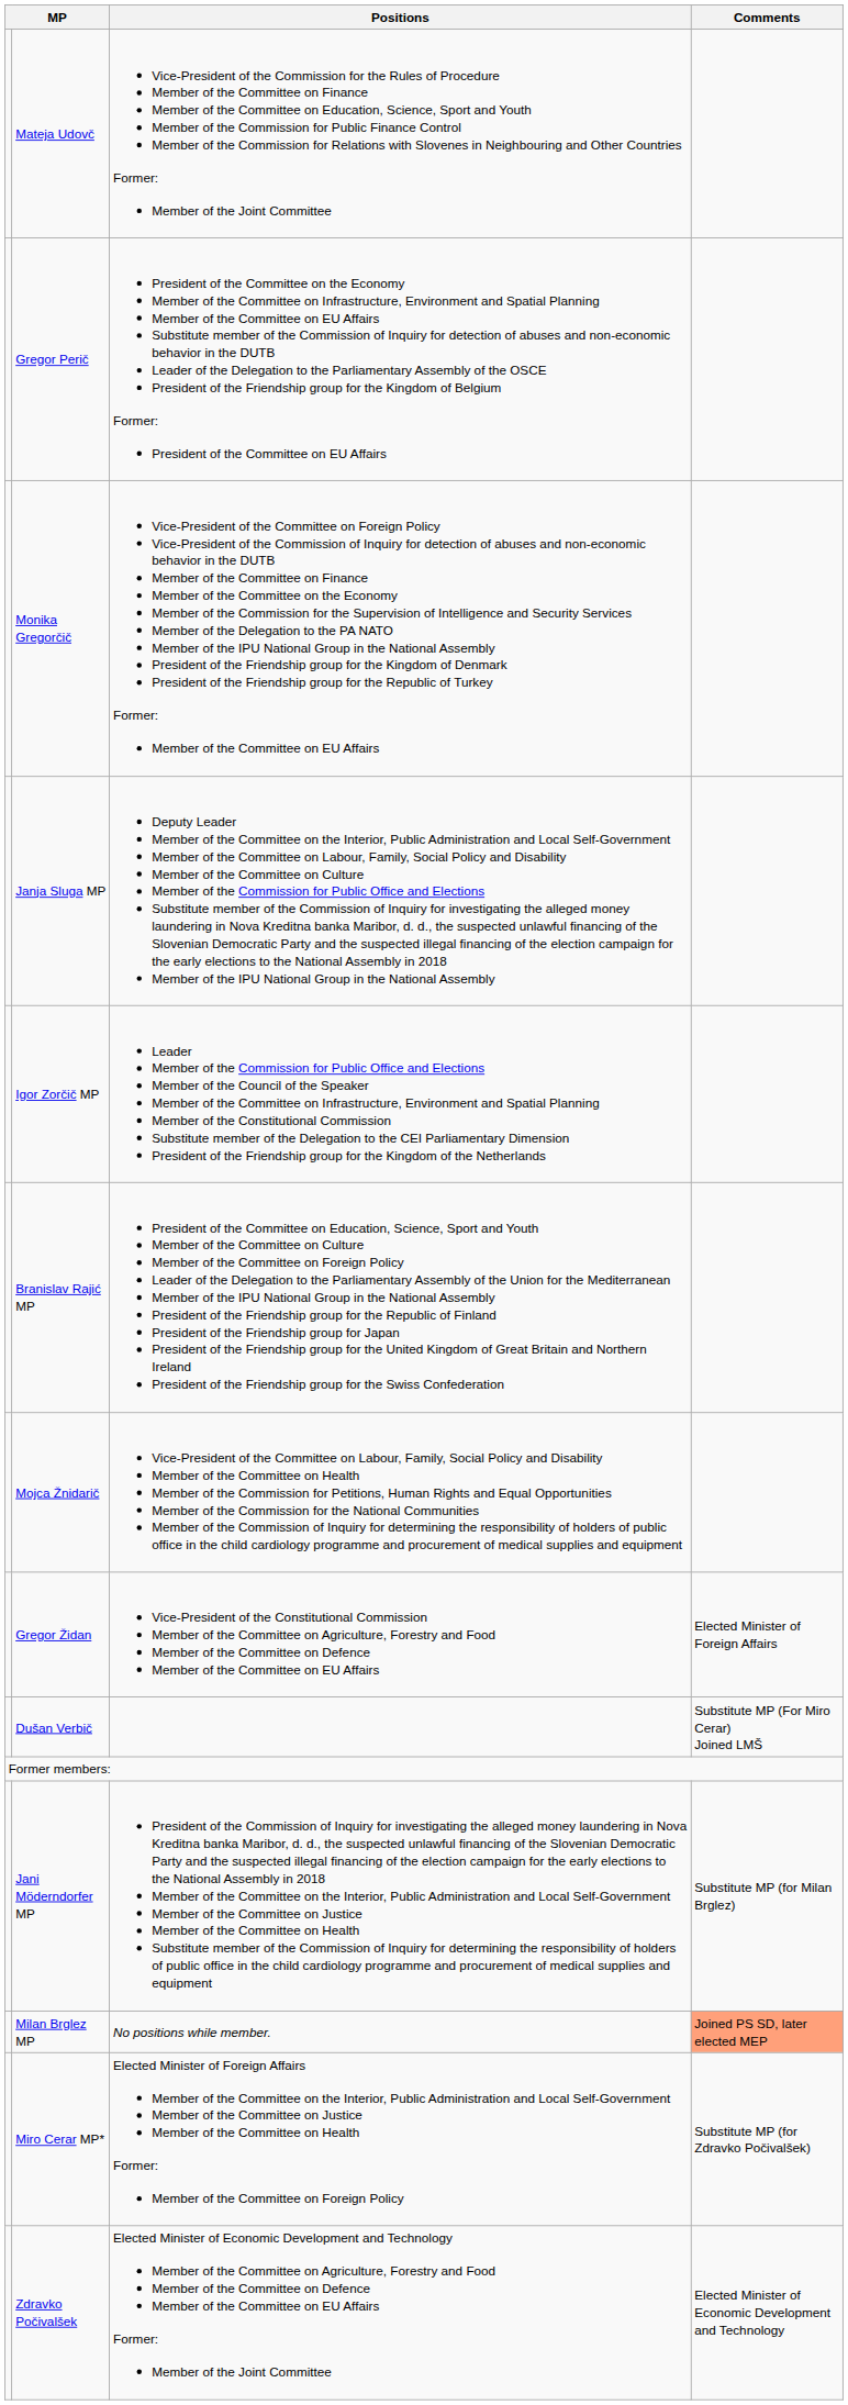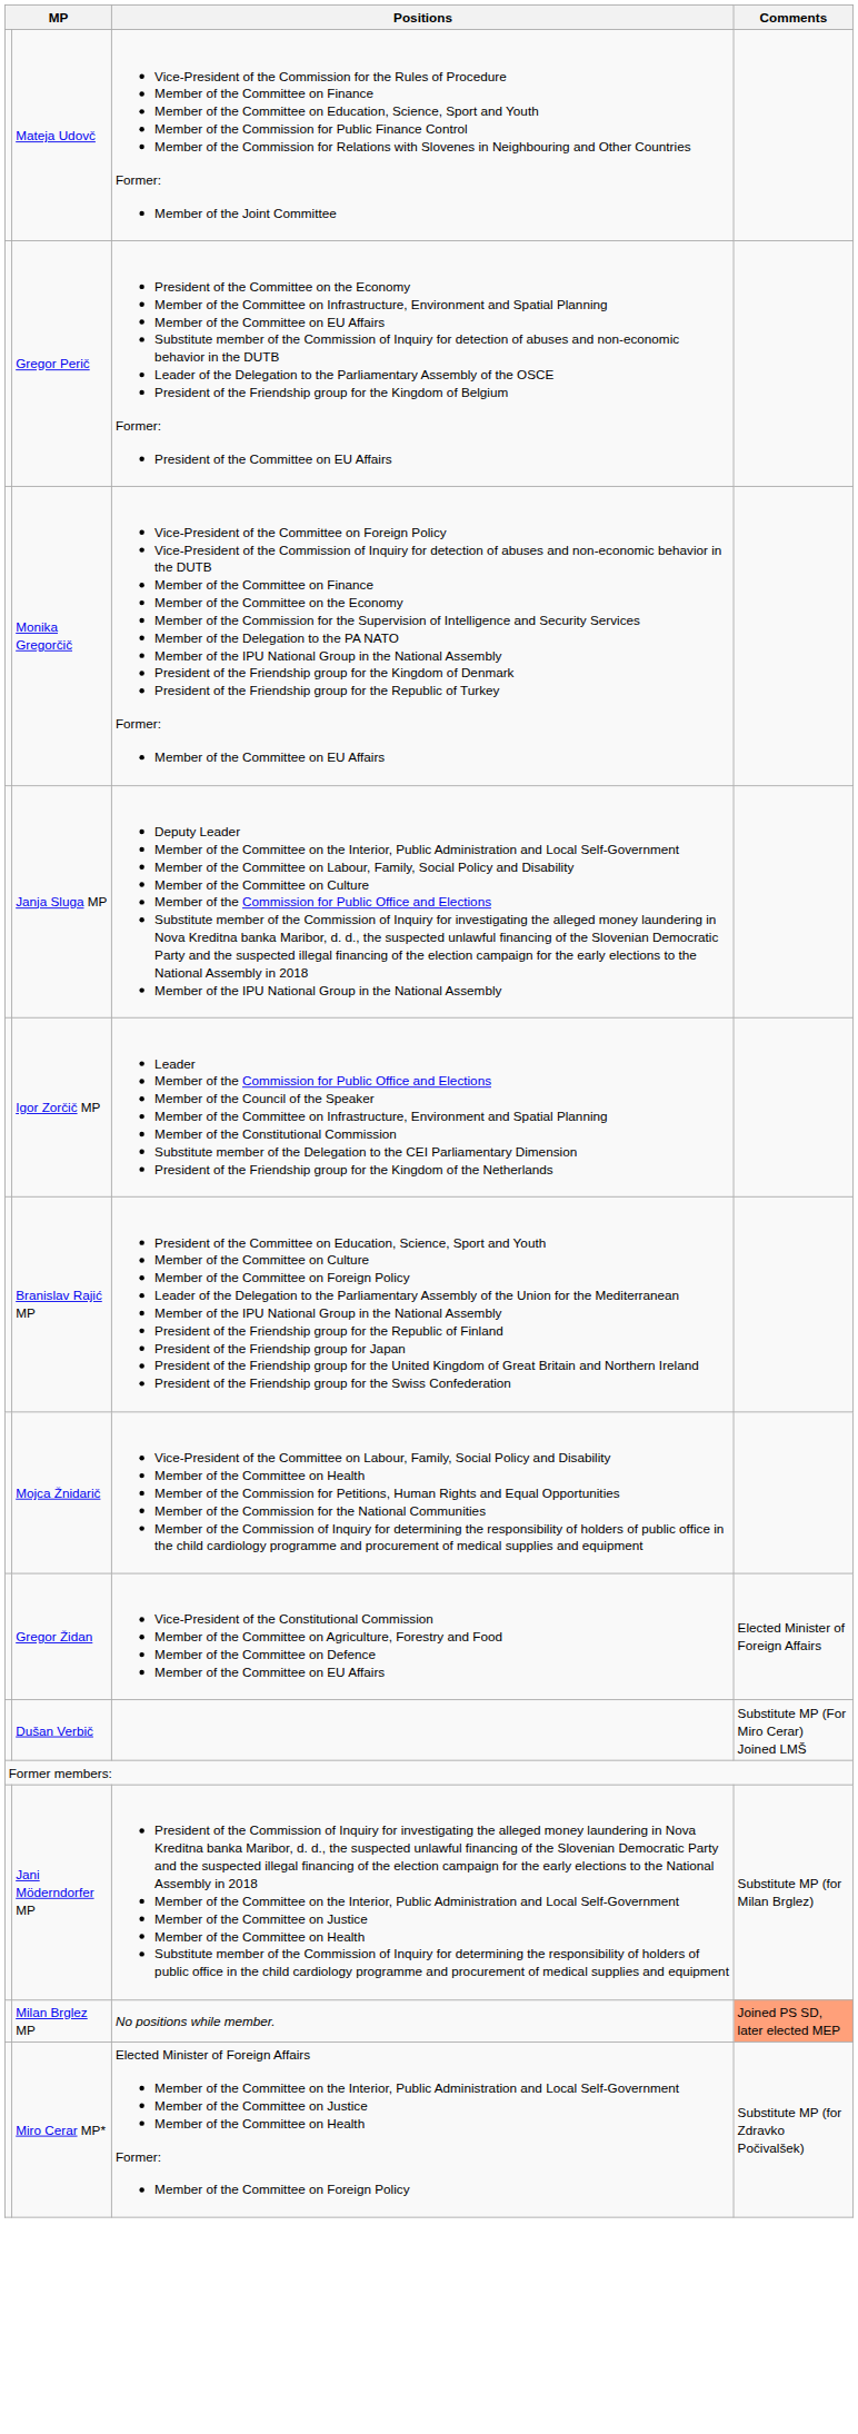 <table class="wikitable">
 <tr>
 <th colspan="2"><small>MP</small></th>
 <th><small>Positions</small></th>
 <th><small>Comments</small></th>
 </tr>
 <tr>
 <td style="background:"></td>
 <td><a href='#'><small>Mateja Udovč</small></a></td>
 <td><br><ul><li><small>Vice-President of the Commission for the Rules of Procedure</small></li><li><small>Member of the Committee on Finance</small></li><li><small>Member of the Committee on Education, Science, Sport and Youth</small></li><li><small>Member of the Commission for Public Finance Control</small></li><li><small>Member of the Commission for Relations with Slovenes in Neighbouring and Other Countries</small></li></ul><small>Former:</small><ul><li><small>Member of the Joint Committee</small></li></ul></td>
 <td></td>
 </tr>
 <tr>
 <td style="background:"></td>
 <td><a href='#'><small>Gregor Perič</small></a></td>
 <td><br><ul><li><small>President of the Committee on the Economy</small></li><li><small>Member of the Committee on Infrastructure, Environment and Spatial Planning</small></li><li><small>Member of the Committee on EU Affairs</small></li><li><small>Substitute member of the Commission of Inquiry for detection of abuses and non-economic behavior in the DUTB</small></li><li><small>Leader of the Delegation to the Parliamentary Assembly of the OSCE</small></li><li><small>President of the Friendship group for the Kingdom of Belgium</small></li></ul><small>Former:</small><ul><li><small>President of the Committee on EU Affairs</small></li></ul></td>
 <td></td>
 </tr>
 <tr>
 <td style="background:"></td>
 <td><a href='#'><small>Monika Gregorčič</small></a></td>
 <td><br><ul><li><small>Vice-President of the Committee on Foreign Policy</small></li><li><small>Vice-President of the Commission of Inquiry for detection of abuses and non-economic behavior in the DUTB</small></li><li><small>Member of the Committee on Finance</small></li><li><small>Member of the Committee on the Economy</small></li><li><small>Member of the Commission for the Supervision of Intelligence and Security Services</small></li><li><small>Member of the Delegation to the PA NATO</small></li><li><small>Member of the IPU National Group in the National Assembly</small></li><li><small>President of the Friendship group for the Kingdom of Denmark</small></li><li><small>President of the Friendship group for the Republic of Turkey</small></li></ul><small>Former:</small><ul><li><small>Member of the Committee on EU Affairs</small></li></ul></td>
 <td></td>
 </tr>
 <tr>
 <td style="background:"></td>
 <td><small><a href='#'>Janja Sluga</a> MP</small></td>
 <td><br><ul><li><small>Deputy Leader</small></li><li><small>Member of the Committee on the Interior, Public Administration and Local Self-Government</small></li><li><small>Member of the Committee on Labour, Family, Social Policy and Disability</small></li><li><small>Member of the Committee on Culture</small></li><li><small>Member of the <a href='#'>Commission for Public Office and Elections</a></small></li><li><small>Substitute member of the Commission of Inquiry for investigating the alleged money laundering in Nova Kreditna banka Maribor, d. d., the suspected unlawful financing of the Slovenian Democratic Party and the suspected illegal financing of the election campaign for the early elections to the National Assembly in 2018</small></li><li><small>Member of the IPU National Group in the National Assembly</small></li></ul></td>
 <td></td>
 </tr>
 <tr>
 <td style="background:"></td>
 <td><small><a href='#'>Igor Zorčič</a> MP</small></td>
 <td><br><ul><li><small>Leader</small></li><li><small>Member of the <a href='#'>Commission for Public Office and Elections</a></small></li><li><small>Member of the Council of the Speaker</small></li><li><small>Member of the Committee on Infrastructure, Environment and Spatial Planning</small></li><li><small>Member of the Constitutional Commission</small></li><li><small>Substitute member of the Delegation to the CEI Parliamentary Dimension</small></li><li><small>President of the Friendship group for the Kingdom of the Netherlands</small></li></ul></td>
 <td></td>
 </tr>
 <tr>
 <td style="background:"></td>
 <td><small><a href='#'>Branislav Rajić</a> MP</small></td>
 <td><br><ul><li><small>President of the Committee on Education, Science, Sport and Youth</small></li><li><small>Member of the Committee on Culture</small></li><li><small>Member of the Committee on Foreign Policy</small></li><li><small>Leader of the Delegation to the Parliamentary Assembly of the Union for the Mediterranean</small></li><li><small>Member of the IPU National Group in the National Assembly</small></li><li><small>President of the Friendship group for the Republic of Finland</small></li><li><small>President of the Friendship group for Japan</small></li><li><small>President of the Friendship group for the United Kingdom of Great Britain and Northern Ireland</small></li><li><small>President of the Friendship group for the Swiss Confederation</small></li></ul></td>
 <td></td>
 </tr>
 <tr>
 <td style="background:"></td>
 <td><a href='#'><small>Mojca Žnidarič</small></a></td>
 <td><br><ul><li><small>Vice-President of the Committee on Labour, Family, Social Policy and Disability</small></li><li><small>Member of the Committee on Health</small></li><li><small>Member of the Commission for Petitions, Human Rights and Equal Opportunities</small></li><li><small>Member of the Commission for the National Communities</small></li><li><small>Member of the Commission of Inquiry for determining the responsibility of holders of public office in the child cardiology programme and procurement of medical supplies and equipment</small></li></ul></td>
 <td></td>
 </tr>
 <tr>
 <td style="background:"></td>
 <td><a href='#'><small>Gregor Židan</small></a></td>
 <td><br><ul><li><small>Vice-President of the Constitutional Commission</small></li><li><small>Member of the Committee on Agriculture, Forestry and Food</small></li><li><small>Member of the Committee on Defence</small></li><li><small>Member of the Committee on EU Affairs</small></li></ul></td>
 <td><small>Elected Minister of Foreign Affairs</small></td>
 </tr>
 <tr>
 <td style="background:"></td>
 <td><small><a href='#'>Dušan Verbič</a></small></td>
 <td></td>
 <td><small>Substitute MP (For Miro Cerar)</small><br><small>Joined LMŠ</small></td>
 </tr>
 <tr>
 <td colspan="4"><small>Former members:</small></td>
 </tr>
 <tr>
 <td style="background:"></td>
 <td><small><a href='#'>Jani Möderndorfer</a> MP</small></td>
 <td><br><ul><li><small>President of the Commission of Inquiry for investigating the alleged money laundering in Nova Kreditna banka Maribor, d. d., the suspected unlawful financing of the Slovenian Democratic Party and the suspected illegal financing of the election campaign for the early elections to the National Assembly in 2018</small></li><li><small>Member of the Committee on the Interior, Public Administration and Local Self-Government</small></li><li><small>Member of the Committee on Justice</small></li><li><small>Member of the Committee on Health</small></li><li><small>Substitute member of the Commission of Inquiry for determining the responsibility of holders of public office in the child cardiology programme and procurement of medical supplies and equipment</small></li></ul></td>
 <td><small>Substitute MP (for Milan Brglez)</small></td>
 </tr>
 <tr>
 <td style="background:"></td>
 <td><small><a href='#'>Milan Brglez</a> MP</small></td>
 <td><em><small>No positions while member.</small></em></td>
 <td style="background: lightsalmon;"><small>Joined PS SD, later elected MEP</small></td>
 </tr>
 <tr>
 <td style="background:"></td>
 <td><small><a href='#'>Miro Cerar</a> MP*</small></td>
 <td><small>Elected Minister of Foreign Affairs</small><br><ul><li><small>Member of the Committee on the Interior, Public Administration and Local Self-Government</small></li><li><small>Member of the Committee on Justice</small></li><li><small>Member of the Committee on Health</small></li></ul><small>Former:</small><ul><li><small>Member of the Committee on Foreign Policy</small></li></ul></td>
 <td><small>Substitute MP (for Zdravko Počivalšek)</small></td>
 </tr>
-<tr>
-<td style="background:"></td>
-<td><a href='#'><small>Zdravko Počivalšek</small></a></td>
-<td><small>Elected Minister of Economic Development and Technology</small><br><ul><li><small>Member of the Committee on Agriculture, Forestry and Food</small></li><li><small>Member of the Committee on Defence</small></li><li><small>Member of the Committee on EU Affairs</small></li></ul><small>Former:</small><ul><li><small>Member of the Joint Committee</small></li></ul></td>
-<td><small>Elected Minister of Economic Development and Technology</small></td>
-</tr>
 </table>
